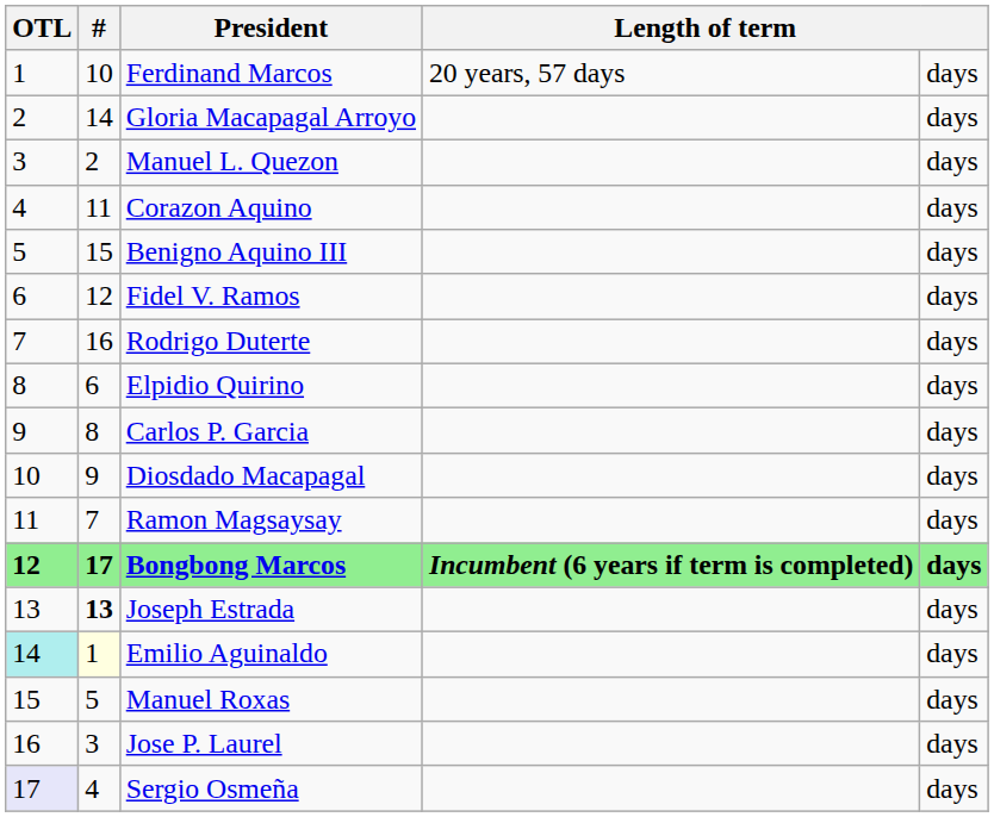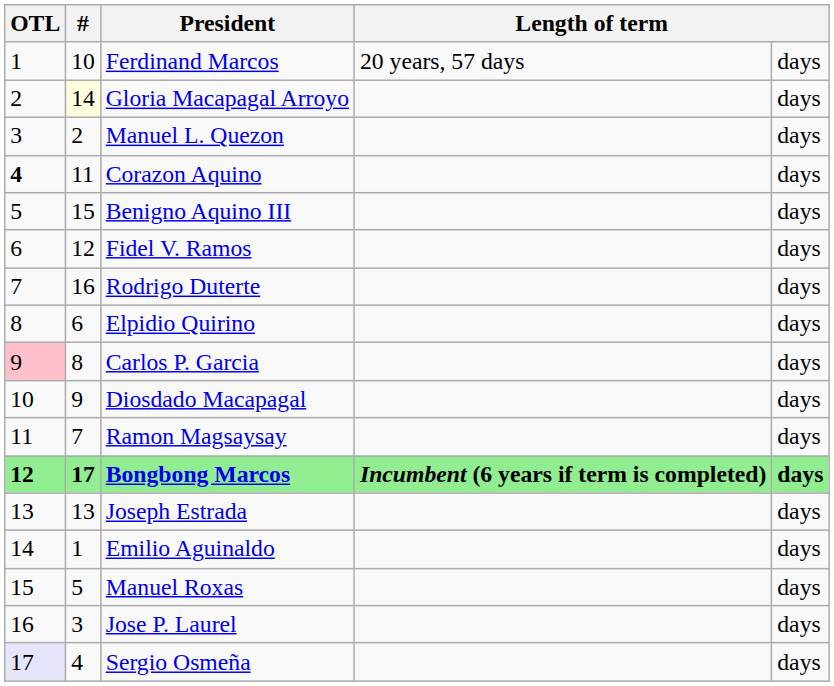 <table class="wikitable sortable">
 <tr>
 <th>OTL</th>
 <th>#</th>
 <th>President</th>
 <th colspan=2>Length of term</th>
 </tr>
 <tr>
 <td>1</td>
 <td>10</td>
 <td><a href='#'>Ferdinand Marcos</a></td>
 <td>20 years, 57 days</td>
 <td> days</td>
 </tr>
 <tr>
 <td>2</td>
-<td>14</td>
+<td style="background: lightyellow;">14</td>
 <td><a href='#'>Gloria Macapagal Arroyo</a></td>
 <td></td>
 <td> days</td>
 </tr>
 <tr>
 <td>3</td>
 <td>2</td>
 <td><a href='#'>Manuel L. Quezon</a></td>
 <td></td>
 <td> days</td>
 </tr>
 <tr>
-<td>4</td>
+<td><strong>4</strong></td>
 <td>11</td>
 <td><a href='#'>Corazon Aquino</a></td>
 <td></td>
 <td> days</td>
 </tr>
 <tr>
 <td>5</td>
 <td>15</td>
 <td><a href='#'>Benigno Aquino III</a></td>
 <td></td>
 <td> days</td>
 </tr>
 <tr>
 <td>6</td>
 <td>12</td>
 <td><a href='#'>Fidel V. Ramos</a></td>
 <td></td>
 <td> days</td>
 </tr>
 <tr>
 <td>7</td>
 <td>16</td>
 <td><a href='#'>Rodrigo Duterte</a></td>
 <td></td>
 <td> days</td>
 </tr>
 <tr>
 <td>8</td>
 <td>6</td>
 <td><a href='#'>Elpidio Quirino</a></td>
 <td></td>
 <td> days</td>
 </tr>
 <tr>
-<td>9</td>
+<td style="background: pink;">9</td>
 <td>8</td>
 <td><a href='#'>Carlos P. Garcia</a></td>
 <td></td>
 <td> days</td>
 </tr>
 <tr>
 <td>10</td>
 <td>9</td>
 <td><a href='#'>Diosdado Macapagal</a></td>
 <td></td>
 <td> days</td>
 </tr>
 <tr>
 <td>11</td>
 <td>7</td>
 <td><a href='#'>Ramon Magsaysay</a></td>
 <td></td>
 <td> days</td>
 </tr>
 <tr>
 <td style="background-color:lightgreen;"><strong>12</strong></td>
 <td style="background-color:lightgreen;"><strong>17</strong></td>
 <td style="background-color:lightgreen;"><strong><a href='#'>Bongbong Marcos</a></strong></td>
 <td style="background-color:lightgreen;"><strong> <em>Incumbent</em> (6 years if term is completed)</strong></td>
 <td style="background-color:lightgreen;"><strong> days</strong></td>
 </tr>
 <tr>
 <td>13</td>
-<td><strong>13</strong></td>
+<td>13</td>
 <td><a href='#'>Joseph Estrada</a></td>
 <td></td>
 <td> days</td>
 </tr>
 <tr>
-<td style="background: paleturquoise;">14</td>
-<td style="background: lightyellow;">1</td>
+<td>14</td>
+<td>1</td>
 <td><a href='#'>Emilio Aguinaldo</a></td>
 <td></td>
 <td> days</td>
 </tr>
 <tr>
 <td>15</td>
 <td>5</td>
 <td><a href='#'>Manuel Roxas</a></td>
 <td></td>
 <td> days</td>
 </tr>
 <tr>
 <td>16</td>
 <td>3</td>
 <td><a href='#'>Jose P. Laurel</a></td>
 <td></td>
 <td> days</td>
 </tr>
 <tr>
 <td style="background: lavender;">17</td>
 <td>4</td>
 <td><a href='#'>Sergio Osmeña</a></td>
 <td></td>
 <td> days</td>
 </tr>
 </table>
